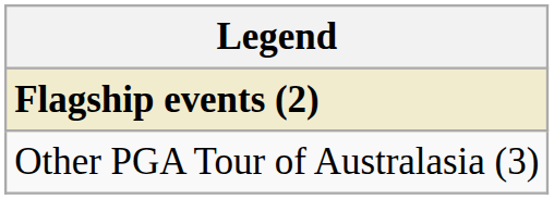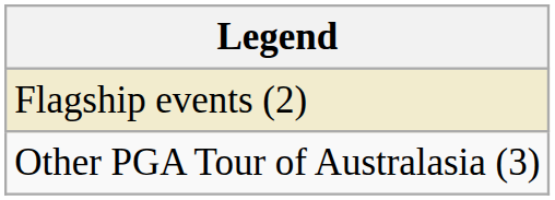 <table class="wikitable" style="font-size:95%;">
 <tr>
 <th>Legend</th>
 </tr>
 <tr style="background:#f2ecce;">
-<td><strong>Flagship events (2)</strong></td>
+<td>Flagship events (2)</td>
 </tr>
 <tr>
 <td>Other PGA Tour of Australasia (3)</td>
 </tr>
 </table>
